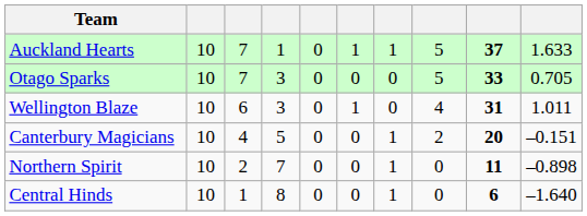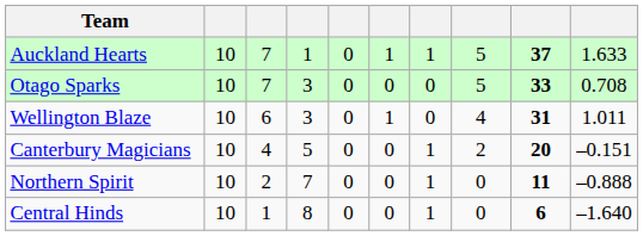 <table class="wikitable" style="text-align:center">
 <tr>
 <th width="150">Team</th>
 <th width="25"></th>
 <th width="25"></th>
 <th width="25"></th>
 <th width="25"></th>
 <th width="25"></th>
 <th width="25"></th>
 <th width="40"></th>
 <th width="40"></th>
 <th width="45"></th>
 </tr>
 <tr style="background:#cfc">
 <td style="text-align:left"><a href='#'>Auckland Hearts</a></td>
 <td>10</td>
 <td>7</td>
 <td>1</td>
 <td>0</td>
 <td>1</td>
 <td>1</td>
 <td>5</td>
 <td><strong>37</strong></td>
 <td>1.633</td>
 </tr>
 <tr style="background:#cfc">
 <td style="text-align:left"><a href='#'>Otago Sparks</a></td>
 <td>10</td>
 <td>7</td>
 <td>3</td>
 <td>0</td>
 <td>0</td>
 <td>0</td>
 <td>5</td>
 <td><strong>33</strong></td>
-<td>0.705</td>
+<td>0.708</td>
 </tr>
 <tr>
 <td style="text-align:left"><a href='#'>Wellington Blaze</a></td>
 <td>10</td>
 <td>6</td>
 <td>3</td>
 <td>0</td>
 <td>1</td>
 <td>0</td>
 <td>4</td>
 <td><strong>31</strong></td>
 <td>1.011</td>
 </tr>
 <tr>
 <td style="text-align:left"><a href='#'>Canterbury Magicians</a></td>
 <td>10</td>
 <td>4</td>
 <td>5</td>
 <td>0</td>
 <td>0</td>
 <td>1</td>
 <td>2</td>
 <td><strong>20</strong></td>
 <td>–0.151</td>
 </tr>
 <tr>
 <td style="text-align:left"><a href='#'>Northern Spirit</a></td>
 <td>10</td>
 <td>2</td>
 <td>7</td>
 <td>0</td>
 <td>0</td>
 <td>1</td>
 <td>0</td>
 <td><strong>11</strong></td>
-<td>–0.898</td>
+<td>–0.888</td>
 </tr>
 <tr>
 <td style="text-align:left"><a href='#'>Central Hinds</a></td>
 <td>10</td>
 <td>1</td>
 <td>8</td>
 <td>0</td>
 <td>0</td>
 <td>1</td>
 <td>0</td>
 <td><strong>6</strong></td>
 <td>–1.640</td>
 </tr>
 </table>
